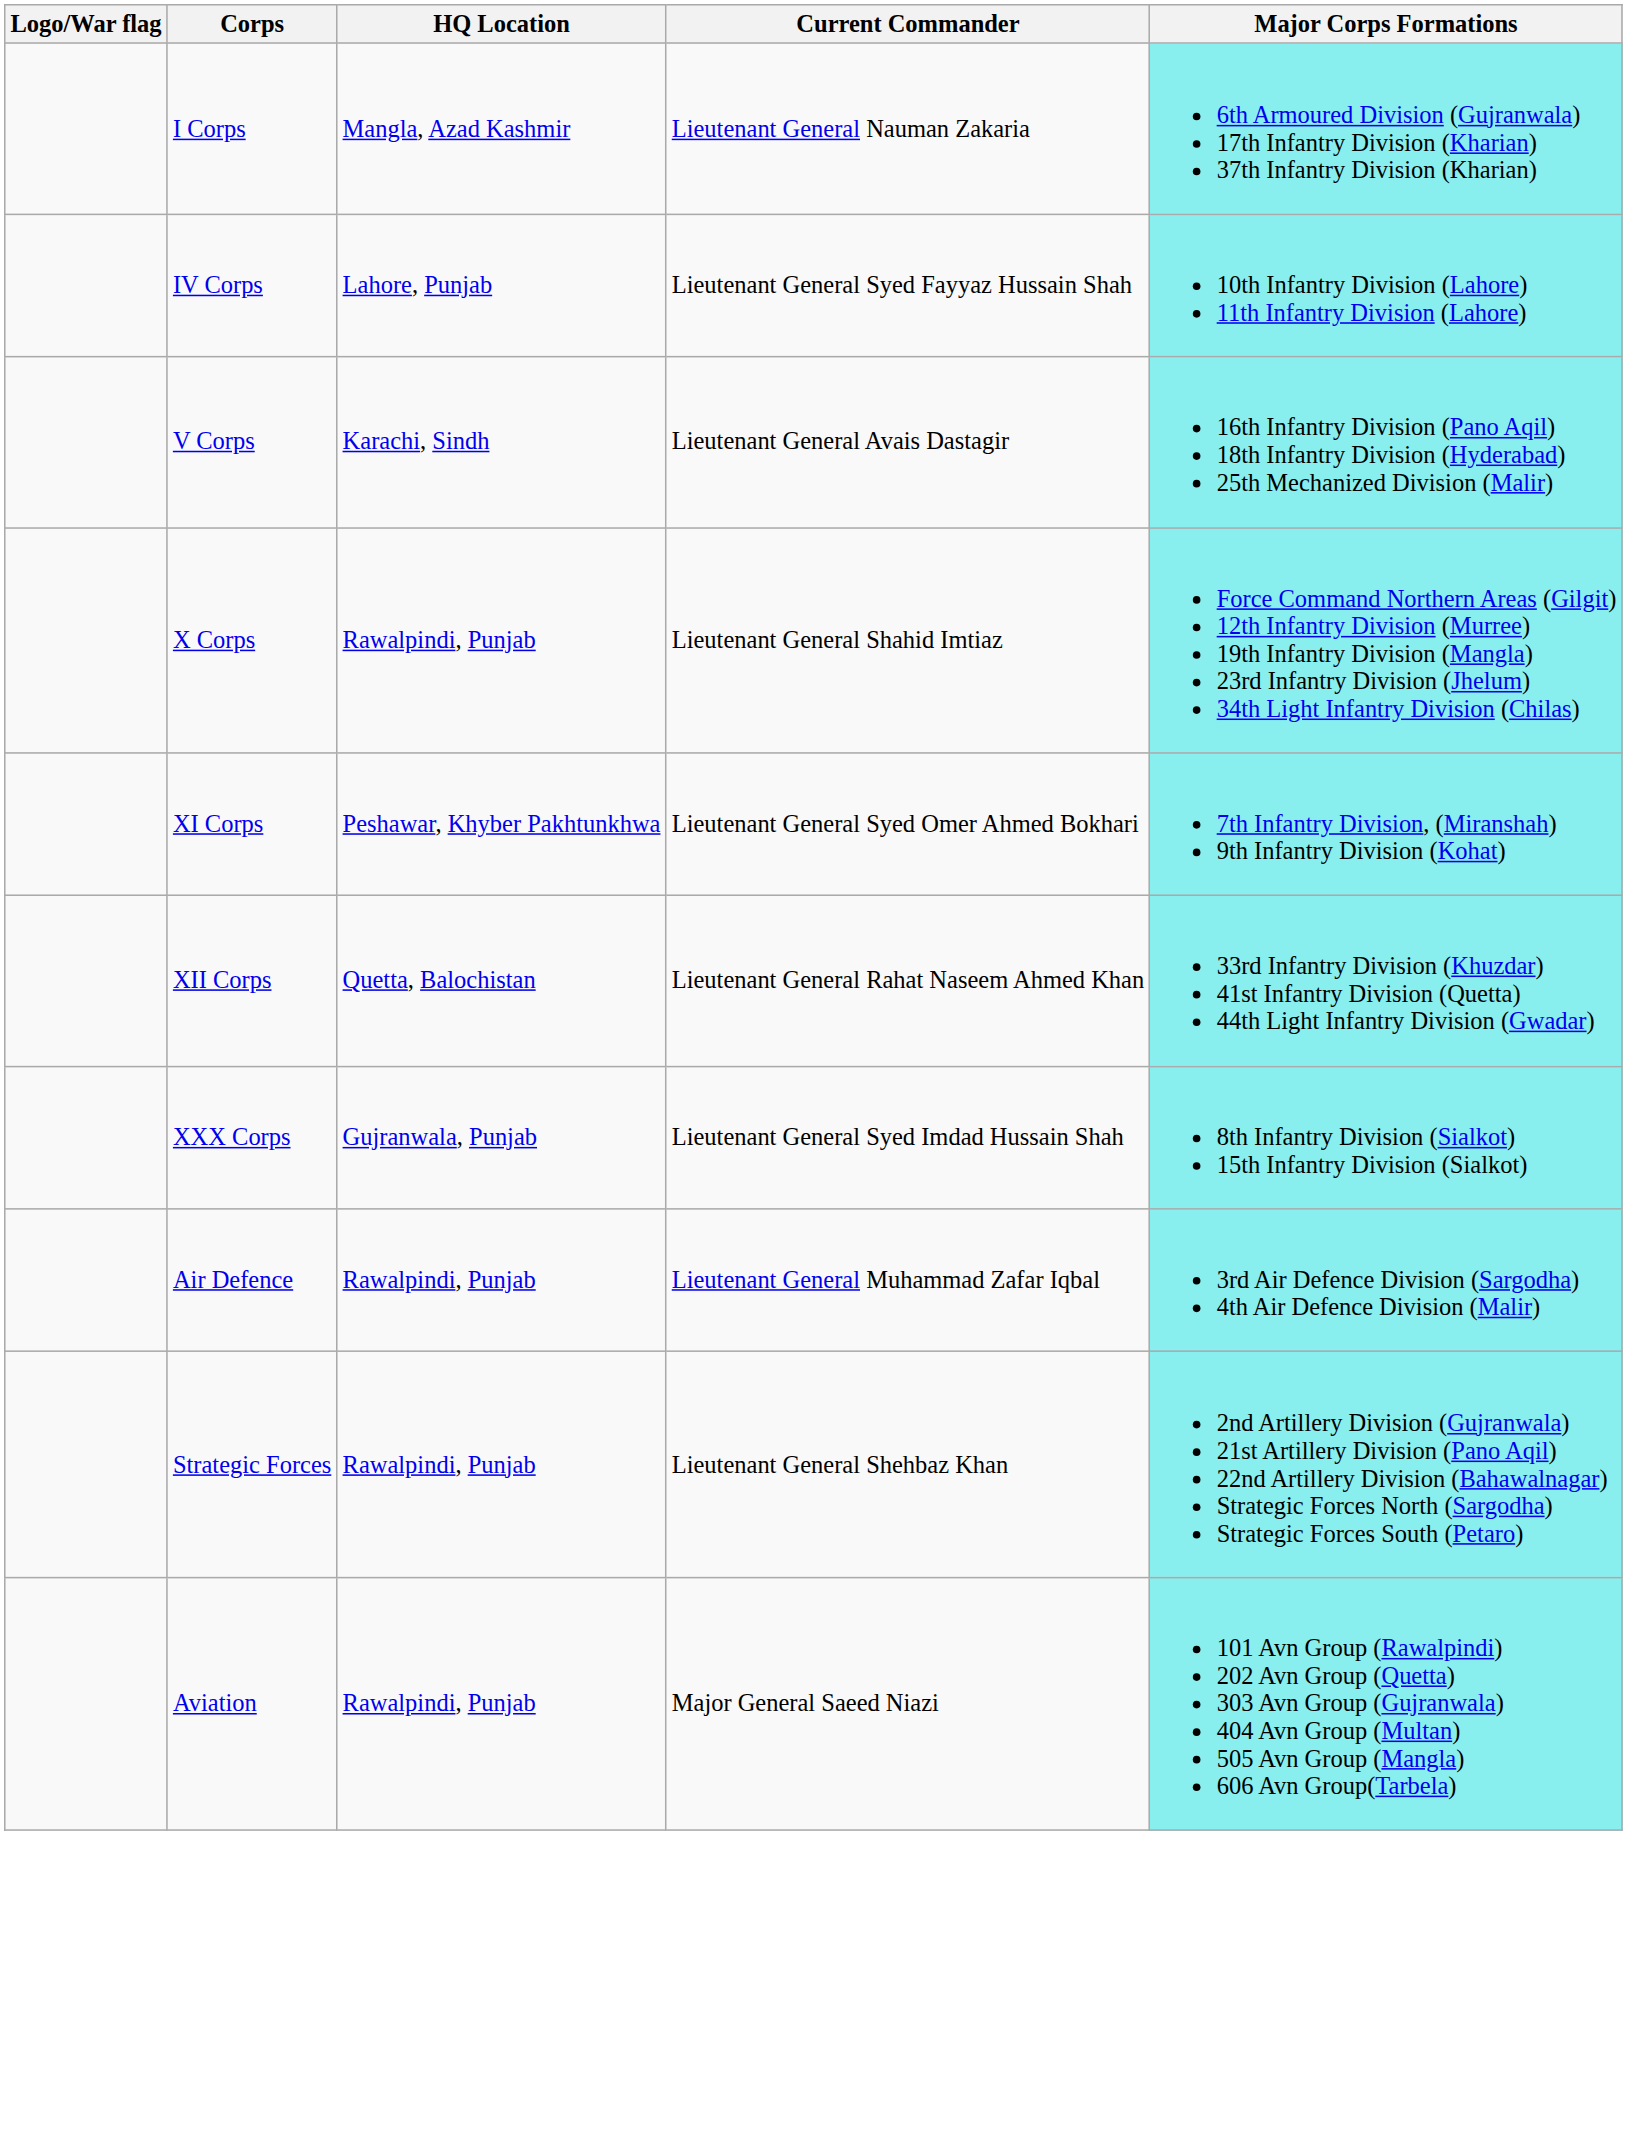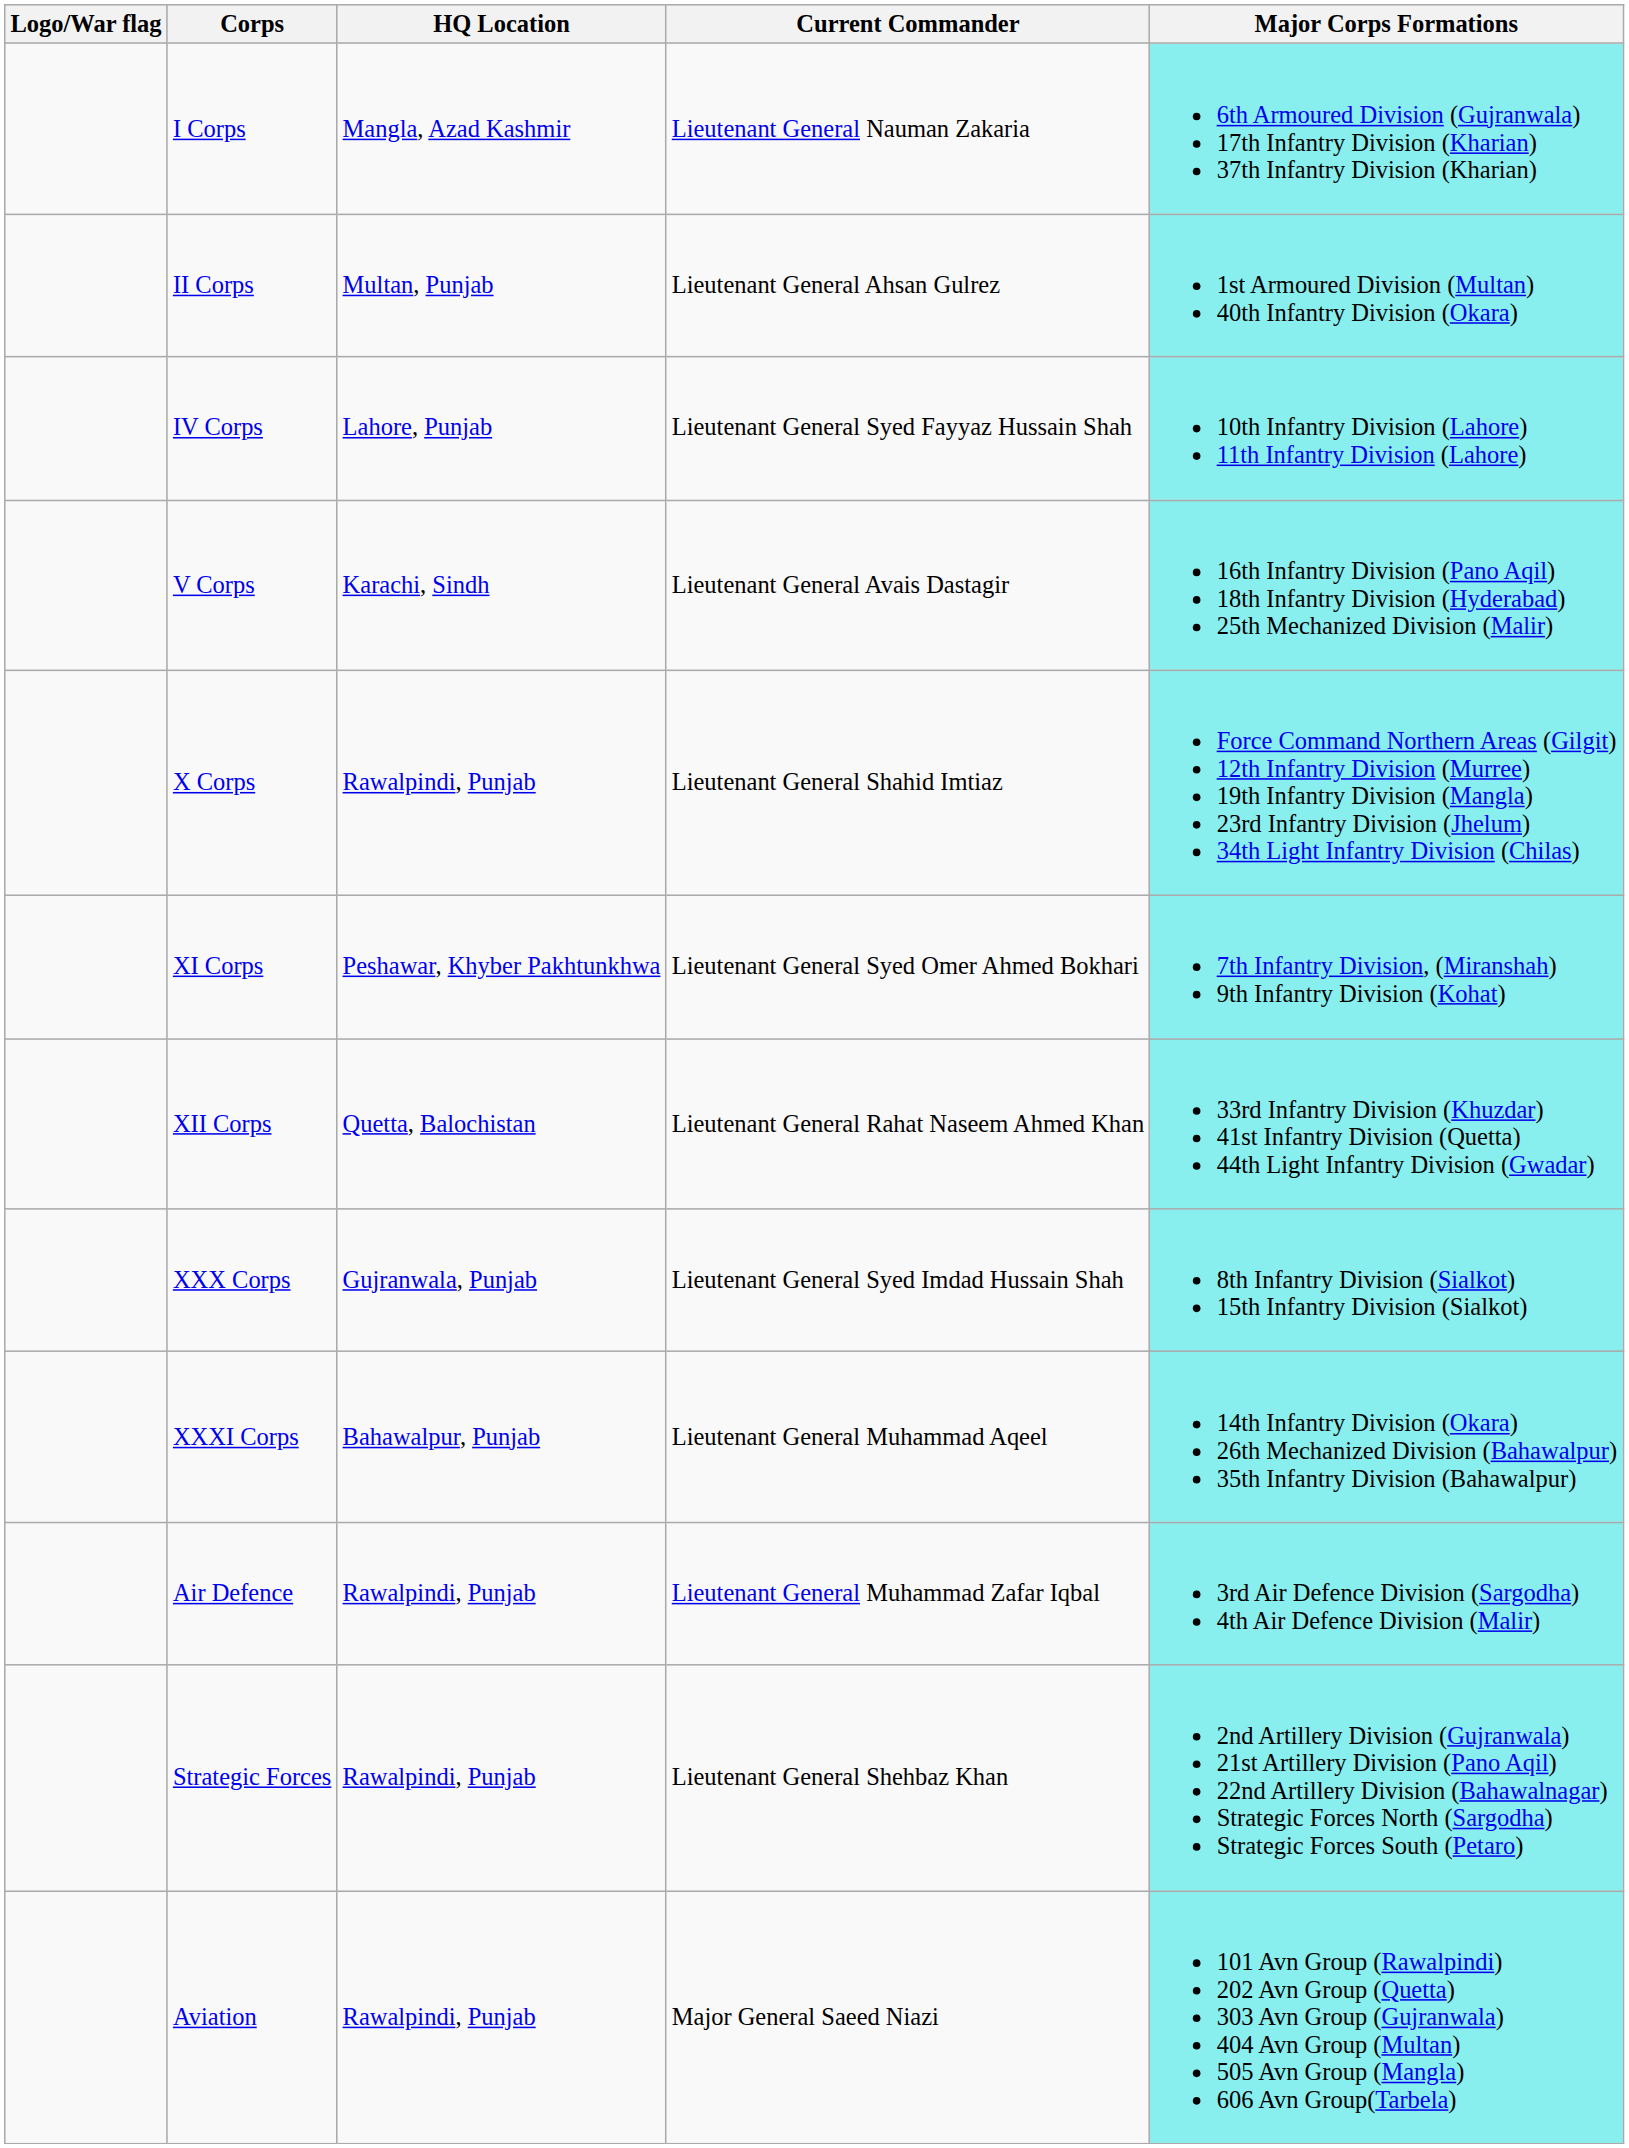 <table class="wikitable">
 <tr>
 <th>Logo/War flag</th>
 <th>Corps</th>
 <th>HQ Location</th>
 <th>Current Commander</th>
 <th>Major Corps Formations</th>
 </tr>
 <tr>
 <td></td>
 <td><a href='#'>I Corps</a></td>
 <td><a href='#'>Mangla</a>, <a href='#'>Azad Kashmir</a></td>
 <td><a href='#'>Lieutenant General</a> Nauman Zakaria</td>
 <td style="background:#88EEEE;"><br><ul><li><a href='#'>6th Armoured Division</a> (<a href='#'>Gujranwala</a>)</li><li>17th Infantry Division (<a href='#'>Kharian</a>)</li><li>37th Infantry Division (Kharian)</li></ul></td>
+</tr>
+<tr>
+<td></td>
+<td><a href='#'>II Corps</a></td>
+<td><a href='#'>Multan</a>, <a href='#'>Punjab</a></td>
+<td>Lieutenant General Ahsan Gulrez</td>
+<td style="background:#88EEEE;"><br><ul><li>1st Armoured Division (<a href='#'>Multan</a>)</li><li>40th Infantry Division (<a href='#'>Okara</a>)</li></ul></td>
 </tr>
 <tr>
 <td></td>
 <td><a href='#'>IV Corps</a></td>
 <td><a href='#'>Lahore</a>, <a href='#'>Punjab</a></td>
 <td>Lieutenant General Syed Fayyaz Hussain Shah</td>
 <td style="background:#88EEEE;"><br><ul><li>10th Infantry Division (<a href='#'>Lahore</a>)</li><li><a href='#'>11th Infantry Division</a> (<a href='#'>Lahore</a>)</li></ul></td>
 </tr>
 <tr>
 <td></td>
 <td><a href='#'>V Corps</a></td>
 <td><a href='#'>Karachi</a>, <a href='#'>Sindh</a></td>
 <td>Lieutenant General Avais Dastagir</td>
 <td style="background:#88EEEE;"><br><ul><li>16th Infantry Division (<a href='#'>Pano Aqil</a>)</li><li>18th Infantry Division (<a href='#'>Hyderabad</a>)</li><li>25th Mechanized Division (<a href='#'>Malir</a>)</li></ul></td>
 </tr>
 <tr>
 <td></td>
 <td><a href='#'>X Corps</a></td>
 <td><a href='#'>Rawalpindi</a>, <a href='#'>Punjab</a></td>
 <td>Lieutenant General Shahid Imtiaz</td>
 <td style="background:#88EEEE;"><br><ul><li><a href='#'>Force Command Northern Areas</a> (<a href='#'>Gilgit</a>)</li><li><a href='#'>12th Infantry Division</a> (<a href='#'>Murree</a>)</li><li>19th Infantry Division (<a href='#'>Mangla</a>)</li><li>23rd Infantry Division (<a href='#'>Jhelum</a>)</li><li><a href='#'>34th Light Infantry Division</a> (<a href='#'>Chilas</a>)</li></ul></td>
 </tr>
 <tr>
 <td></td>
 <td><a href='#'>XI Corps</a></td>
 <td><a href='#'>Peshawar</a>, <a href='#'>Khyber Pakhtunkhwa</a></td>
 <td>Lieutenant General Syed Omer Ahmed Bokhari</td>
 <td style="background:#88EEEE;"><br><ul><li><a href='#'>7th Infantry Division</a>, (<a href='#'>Miranshah</a>)</li><li>9th Infantry Division (<a href='#'>Kohat</a>)</li></ul></td>
 </tr>
 <tr>
 <td></td>
 <td><a href='#'>XII Corps</a></td>
 <td><a href='#'>Quetta</a>, <a href='#'>Balochistan</a></td>
 <td>Lieutenant General Rahat Naseem Ahmed Khan</td>
 <td style="background:#88EEEE;"><br><ul><li>33rd Infantry Division (<a href='#'>Khuzdar</a>)</li><li>41st Infantry Division (Quetta)</li><li>44th Light Infantry Division (<a href='#'>Gwadar</a>)</li></ul></td>
 </tr>
 <tr>
 <td></td>
 <td><a href='#'>XXX Corps</a></td>
 <td><a href='#'>Gujranwala</a>, <a href='#'>Punjab</a></td>
 <td>Lieutenant General Syed Imdad Hussain Shah</td>
 <td style="background:#88EEEE;"><br><ul><li>8th Infantry Division (<a href='#'>Sialkot</a>)</li><li>15th Infantry Division (Sialkot)</li></ul></td>
 </tr>
 <tr>
 <td></td>
+<td><a href='#'>XXXI Corps</a></td>
+<td><a href='#'>Bahawalpur</a>, <a href='#'>Punjab</a></td>
+<td>Lieutenant General Muhammad Aqeel</td>
+<td style="background:#88EEEE;"><br><ul><li>14th Infantry Division (<a href='#'>Okara</a>)</li><li>26th Mechanized Division (<a href='#'>Bahawalpur</a>)</li><li>35th Infantry Division (Bahawalpur)</li></ul></td>
+</tr>
+<tr>
+<td></td>
 <td><a href='#'>Air Defence</a></td>
 <td><a href='#'>Rawalpindi</a>, <a href='#'>Punjab</a></td>
 <td><a href='#'>Lieutenant General</a>  Muhammad Zafar Iqbal</td>
 <td style="background:#88EEEE;"><br><ul><li>3rd Air Defence Division (<a href='#'>Sargodha</a>)</li><li>4th Air Defence Division (<a href='#'>Malir</a>)</li></ul></td>
 </tr>
 <tr>
 <td></td>
 <td><a href='#'>Strategic Forces</a></td>
 <td><a href='#'>Rawalpindi</a>, <a href='#'>Punjab</a></td>
 <td>Lieutenant General Shehbaz Khan</td>
 <td style="background:#88EEEE;"><br><ul><li>2nd Artillery Division (<a href='#'>Gujranwala</a>)</li><li>21st Artillery Division (<a href='#'>Pano Aqil</a>)</li><li>22nd Artillery Division (<a href='#'>Bahawalnagar</a>)</li><li>Strategic Forces North (<a href='#'>Sargodha</a>)</li><li>Strategic Forces South (<a href='#'>Petaro</a>)</li></ul></td>
 </tr>
 <tr>
 <td></td>
 <td><a href='#'>Aviation</a></td>
 <td><a href='#'>Rawalpindi</a>, <a href='#'>Punjab</a></td>
 <td>Major General Saeed Niazi</td>
 <td style="background:#88EEEE;"><br><ul><li>101 Avn Group (<a href='#'>Rawalpindi</a>)</li><li>202 Avn Group (<a href='#'>Quetta</a>)</li><li>303 Avn Group (<a href='#'>Gujranwala</a>)</li><li>404 Avn Group (<a href='#'>Multan</a>)</li><li>505 Avn Group (<a href='#'>Mangla</a>)</li><li>606 Avn Group(<a href='#'>Tarbela</a>)</li></ul></td>
 </tr>
 </table>
